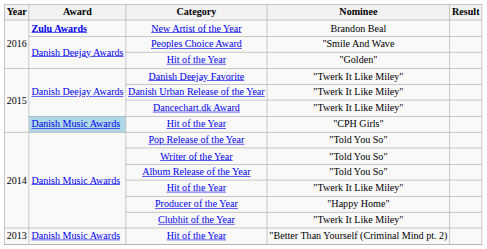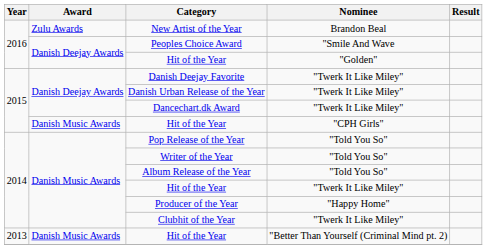 <table class="wikitable">
 <tr>
 <th>Year</th>
 <th>Award</th>
 <th>Category</th>
 <th>Nominee</th>
 <th>Result</th>
 </tr>
 <tr>
 <td rowspan="3">2016</td>
-<td rowspan="1"><strong><a href='#'>Zulu Awards</a></strong></td>
+<td rowspan="1"><a href='#'>Zulu Awards</a></td>
 <td style="text-align:center;"><a href='#'>New Artist of the Year</a></td>
 <td style="text-align:center;">Brandon Beal</td>
 <td></td>
 </tr>
 <tr>
 <td rowspan="2"><a href='#'>Danish Deejay Awards</a></td>
 <td style="text-align:center;"><a href='#'>Peoples Choice Award</a></td>
 <td style="text-align:center;">"Smile And Wave</td>
 <td></td>
 </tr>
 <tr>
 <td style="text-align:center;"><a href='#'>Hit of the Year</a></td>
 <td style="text-align:center;">"Golden"</td>
 <td></td>
 </tr>
 <tr>
 <td rowspan="4">2015</td>
 <td rowspan="3"><a href='#'>Danish Deejay Awards</a></td>
 <td style="text-align:center;"><a href='#'>Danish Deejay Favorite</a></td>
 <td style="text-align:center;">"Twerk It Like Miley"</td>
 <td></td>
 </tr>
 <tr>
 <td style="text-align:center;"><a href='#'>Danish Urban Release of the Year</a></td>
 <td style="text-align:center;">"Twerk It Like Miley"</td>
 <td></td>
 </tr>
 <tr>
 <td style="text-align:center;"><a href='#'>Dancechart.dk Award</a></td>
 <td style="text-align:center;">"Twerk It Like Miley"</td>
 <td></td>
 </tr>
 <tr>
-<td rowspan="1" style="background: lightblue;"><a href='#'>Danish Music Awards</a></td>
+<td rowspan="1"><a href='#'>Danish Music Awards</a></td>
 <td style="text-align:center;"><a href='#'>Hit of the Year</a></td>
 <td style="text-align:center;">"CPH Girls"</td>
 <td></td>
 </tr>
 <tr>
 <td rowspan="6">2014</td>
 <td rowspan="6"><a href='#'>Danish Music Awards</a></td>
 <td style="text-align:center;"><a href='#'>Pop Release of the Year</a></td>
 <td style="text-align:center;">"Told You So"</td>
 <td></td>
 </tr>
 <tr>
 <td style="text-align:center;"><a href='#'>Writer of the Year</a></td>
 <td style="text-align:center;">"Told You So"</td>
 <td></td>
 </tr>
 <tr>
 <td style="text-align:center;"><a href='#'>Album Release of the Year</a></td>
 <td style="text-align:center;">"Told You So"</td>
 <td></td>
 </tr>
 <tr>
 <td style="text-align:center;"><a href='#'>Hit of the Year</a></td>
 <td style="text-align:center;">"Twerk It Like Miley"</td>
 <td></td>
 </tr>
 <tr>
 <td style="text-align:center;"><a href='#'>Producer of the Year</a></td>
 <td style="text-align:center;">"Happy Home"</td>
 <td></td>
 </tr>
 <tr>
 <td style="text-align:center;"><a href='#'>Clubhit of the Year</a></td>
 <td style="text-align:center;">"Twerk It Like Miley"</td>
 <td></td>
 </tr>
 <tr>
 <td rowspan="1">2013</td>
 <td rowspan="1"><a href='#'>Danish Music Awards</a></td>
 <td style="text-align:center;"><a href='#'>Hit of the Year</a></td>
 <td style="text-align:center;">"Better Than Yourself (Criminal Mind pt. 2)</td>
 <td></td>
 </tr>
 <tr>
 </tr>
 </table>
